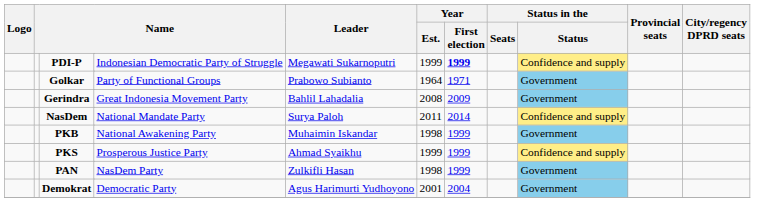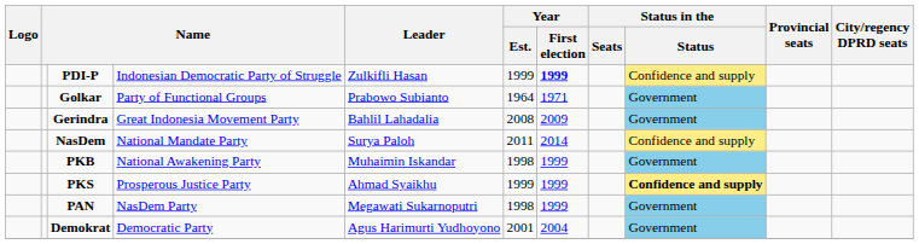 <table class="wikitable">
 <tr>
 <th rowspan="2">Logo</th>
 <th colspan="4" rowspan="2">Name</th>
 <th rowspan="2">Leader</th>
 <th colspan="2">Year</th>
 <th colspan="2">Status in the </th>
 <th rowspan="2">Provincial<br> seats</th>
 <th rowspan="2">City/regency<br>DPRD seats</th>
 </tr>
 <tr>
 <th>Est.</th>
 <th>First<br>election</th>
 <th>Seats</th>
 <th>Status</th>
 </tr>
 <tr>
 <td></td>
 <td style="background:"></td>
 <td colspan="2" style="text-align:center;"><strong>PDI-P</strong></td>
 <td><a href='#'>Indonesian Democratic Party of Struggle</a><br></td>
-<td><a href='#'>Megawati Sukarnoputri</a></td>
+<td><a href='#'>Zulkifli Hasan</a></td>
 <td>1999</td>
 <td><strong><a href='#'>1999</a></strong></td>
 <td></td>
 <td bgcolor="#fe8">Confidence and supply</td>
 <td></td>
 <td></td>
 </tr>
 <tr>
 <td></td>
 <td style="background:"></td>
 <td colspan="2" style="text-align:center;"><strong>Golkar</strong></td>
 <td><a href='#'>Party of Functional Groups</a><br></td>
 <td><a href='#'>Prabowo Subianto</a></td>
 <td>1964</td>
 <td><a href='#'>1971</a></td>
 <td></td>
 <td bgcolor="skyblue">Government</td>
 <td></td>
 <td></td>
 </tr>
 <tr>
 <td></td>
 <td style="background:"></td>
 <td colspan="2" style="text-align:center;"><strong>Gerindra</strong></td>
 <td><a href='#'>Great Indonesia Movement Party</a><br></td>
 <td><a href='#'>Bahlil Lahadalia</a></td>
 <td>2008</td>
 <td><a href='#'>2009</a></td>
 <td></td>
 <td bgcolor="skyblue">Government</td>
 <td></td>
 <td></td>
 </tr>
 <tr>
 <td></td>
 <td style="background:"></td>
 <td colspan="2" style="text-align:center;"><strong>NasDem</strong></td>
 <td><a href='#'>National Mandate Party</a><br></td>
 <td><a href='#'>Surya Paloh</a></td>
 <td>2011</td>
 <td><a href='#'>2014</a></td>
 <td></td>
 <td bgcolor="#fe8">Confidence and supply</td>
 <td></td>
 <td></td>
 </tr>
 <tr>
 <td></td>
 <td style="background:"></td>
 <td colspan="2" style="text-align:center;"><strong>PKB</strong></td>
 <td><a href='#'>National Awakening Party</a><br></td>
 <td><a href='#'>Muhaimin Iskandar</a></td>
 <td>1998</td>
 <td><a href='#'>1999</a></td>
 <td></td>
 <td bgcolor="skyblue">Government</td>
 <td></td>
 <td></td>
 </tr>
 <tr>
 <td></td>
 <td style="background:"></td>
 <td colspan="2" style="text-align:center;"><strong>PKS</strong></td>
 <td><a href='#'>Prosperous Justice Party</a><br></td>
 <td><a href='#'>Ahmad Syaikhu</a></td>
 <td>1999</td>
 <td><a href='#'>1999</a></td>
 <td></td>
-<td bgcolor="#fe8">Confidence and supply</td>
+<td bgcolor="#fe8"><strong>Confidence and supply</strong></td>
 <td></td>
 <td></td>
 </tr>
 <tr>
 <td></td>
 <td style="background:"></td>
 <td colspan="2" style="text-align:center;"><strong>PAN</strong></td>
 <td><a href='#'>NasDem Party</a><br></td>
-<td><a href='#'>Zulkifli Hasan</a></td>
+<td><a href='#'>Megawati Sukarnoputri</a></td>
 <td>1998</td>
 <td><a href='#'>1999</a></td>
 <td></td>
 <td bgcolor="skyblue">Government</td>
 <td></td>
 <td></td>
 </tr>
 <tr>
 <td></td>
 <td style="background:"></td>
 <td colspan="2" style="text-align:center;"><strong>Demokrat</strong></td>
 <td><a href='#'>Democratic Party</a><br></td>
 <td><a href='#'>Agus Harimurti Yudhoyono</a></td>
 <td>2001</td>
 <td><a href='#'>2004</a></td>
 <td></td>
 <td bgcolor="skyblue">Government</td>
 <td></td>
 <td></td>
 </tr>
 <tr>
 </tr>
 </table>
